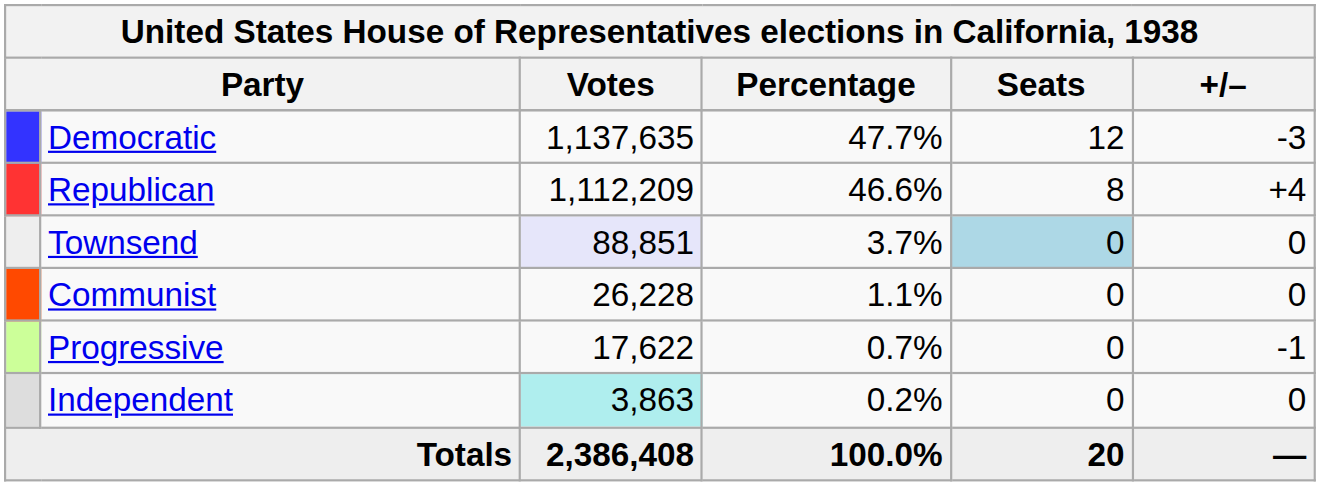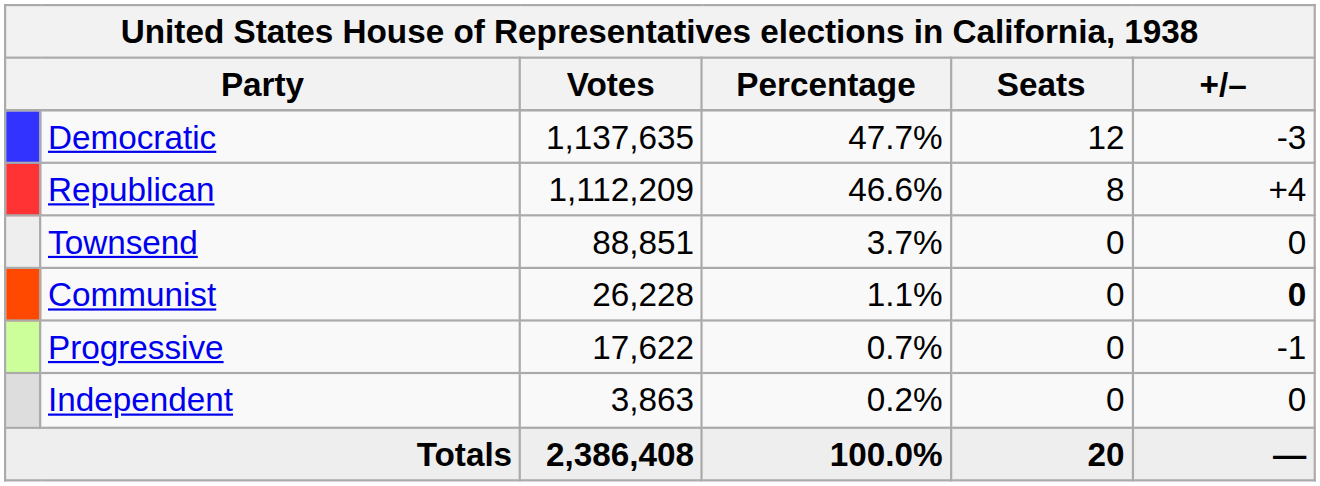 <table class="wikitable" style="font-size: 95%;">
 <tr>
 <th colspan="6">United States House of Representatives elections in California, 1938</th>
 </tr>
 <tr>
 <th colspan=2 style="width: 15em">Party</th>
 <th style="width: 5em">Votes</th>
 <th style="width: 7em">Percentage</th>
 <th style="width: 5em">Seats</th>
 <th style="width: 5em">+/–</th>
 </tr>
 <tr>
 </tr>
 <tr>
 <th style="background-color:#3333FF; width: 3px"></th>
 <td style="width: 130px"><a href='#'>Democratic</a></td>
 <td style="text-align:right;">1,137,635</td>
 <td style="text-align:right;">47.7%</td>
 <td style="text-align:right;">12</td>
 <td style="text-align:right;">-3</td>
 </tr>
 <tr>
 <th style="background-color:#FF3333; width: 3px"></th>
 <td style="width: 130px"><a href='#'>Republican</a></td>
 <td style="text-align:right;">1,112,209</td>
 <td style="text-align:right;">46.6%</td>
 <td style="text-align:right;">8</td>
 <td style="text-align:right;">+4</td>
 </tr>
 <tr>
 <th style="background-color:#EEEEEE; width: 3px"></th>
 <td style="width: 130px"><a href='#'>Townsend</a></td>
-<td style="background: lavender; text-align:right;">88,851</td>
+<td style="text-align:right;">88,851</td>
 <td style="text-align:right;">3.7%</td>
-<td style="background: lightblue; text-align:right;">0</td>
+<td style="text-align:right;">0</td>
 <td style="text-align:right;">0</td>
 </tr>
 <tr>
 <th style="background-color:#FF4900; width: 3px"></th>
 <td style="width: 130px"><a href='#'>Communist</a></td>
 <td style="text-align:right;">26,228</td>
 <td style="text-align:right;">1.1%</td>
 <td style="text-align:right;">0</td>
-<td style="text-align:right;">0</td>
+<td style="text-align:right;"><strong>0</strong></td>
 </tr>
 <tr>
 <th style="background-color:#CCFF99; width: 3px"></th>
 <td style="width: 130px"><a href='#'>Progressive</a></td>
 <td style="text-align:right;">17,622</td>
 <td style="text-align:right;">0.7%</td>
 <td style="text-align:right;">0</td>
 <td style="text-align:right;">-1</td>
 </tr>
 <tr>
 <th style="background-color:#DDDDDD; width: 3px"></th>
 <td style="width: 130px"><a href='#'>Independent</a></td>
-<td style="background: paleturquoise; text-align:right;">3,863</td>
+<td style="text-align:right;">3,863</td>
 <td style="text-align:right;">0.2%</td>
 <td style="text-align:right;">0</td>
 <td style="text-align:right;">0</td>
 </tr>
 <tr style="background-color:#EEEEEE;">
 <td colspan="2" align="right"><strong>Totals</strong></td>
 <td style="text-align:right;"><strong>2,386,408</strong></td>
 <td style="text-align:right;"><strong>100.0%</strong></td>
 <td style="text-align:right;"><strong>20</strong></td>
 <td style="text-align:right;"><strong>—</strong></td>
 </tr>
 </table>
